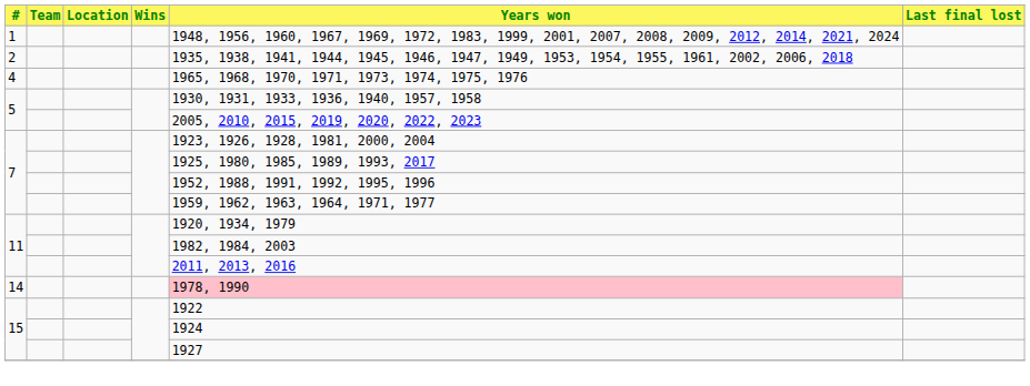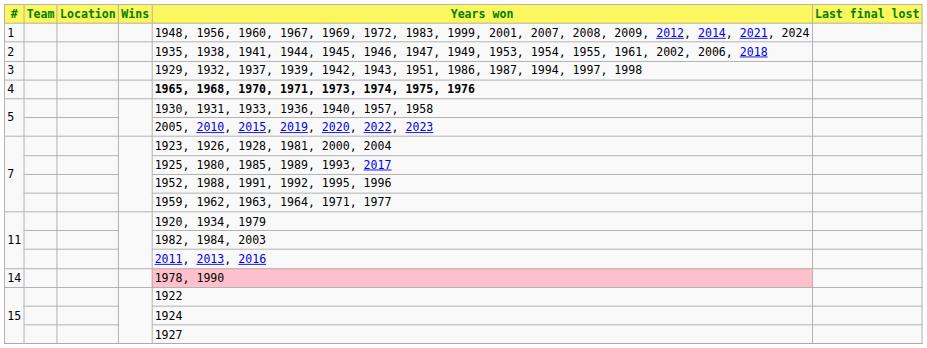 <table class="wikitable">
 <tr>
 <th style="background:#FCF75E;color:green;">#</th>
 <th style="background:#FCF75E;color:green;">Team</th>
 <th style="background:#FCF75E;color:green;">Location</th>
 <th style="background:#FCF75E;color:green;">Wins</th>
 <th style="background:#FCF75E;color:green;">Years won</th>
 <th style="background:#FCF75E;color:green;">Last final lost</th>
 </tr>
 <tr>
 <td>1</td>
 <td></td>
 <td></td>
 <td></td>
 <td>1948, 1956, 1960, 1967, 1969, 1972, 1983, 1999, 2001, 2007, 2008, 2009, <a href='#'>2012</a>, <a href='#'>2014</a>, <a href='#'>2021</a>, 2024</td>
 <td></td>
 </tr>
 <tr>
 <td>2</td>
 <td></td>
 <td></td>
 <td></td>
 <td>1935, 1938, 1941, 1944, 1945, 1946, 1947, 1949, 1953, 1954, 1955, 1961, 2002, 2006, <a href='#'>2018</a></td>
 <td></td>
 </tr>
 <tr>
+<td rowspan=1>3</td>
+<td></td>
+<td></td>
+<td rowspan=1></td>
+<td>1929, 1932, 1937, 1939, 1942, 1943, 1951, 1986, 1987, 1994, 1997, 1998</td>
+<td></td>
+</tr>
+<tr>
 <td>4</td>
 <td></td>
 <td></td>
 <td rowspan=1></td>
-<td>1965, 1968, 1970, 1971, 1973, 1974, 1975, 1976</td>
+<td><strong>1965, 1968, 1970, 1971, 1973, 1974, 1975, 1976</strong></td>
 <td></td>
 </tr>
 <tr>
 <td rowspan=2>5</td>
 <td></td>
 <td></td>
 <td rowspan=2></td>
 <td>1930, 1931, 1933, 1936, 1940, 1957, 1958</td>
 <td></td>
 </tr>
 <tr>
 <td></td>
 <td></td>
 <td>2005, <a href='#'>2010</a>, <a href='#'>2015</a>, <a href='#'>2019</a>, <a href='#'>2020</a>, <a href='#'>2022</a>, <a href='#'>2023</a></td>
 <td></td>
 </tr>
 <tr>
 <td rowspan=4>7</td>
 <td></td>
 <td></td>
 <td rowspan=4></td>
 <td>1923, 1926, 1928, 1981, 2000, 2004</td>
 <td></td>
 </tr>
 <tr>
 <td></td>
 <td></td>
 <td>1925, 1980, 1985, 1989, 1993, <a href='#'>2017</a></td>
 <td></td>
 </tr>
 <tr>
 <td></td>
 <td></td>
 <td>1952, 1988, 1991, 1992, 1995, 1996</td>
 <td></td>
 </tr>
 <tr>
 <td></td>
 <td></td>
 <td>1959, 1962, 1963, 1964, 1971, 1977</td>
 <td></td>
 </tr>
 <tr>
 <td rowspan=3>11</td>
 <td></td>
 <td></td>
 <td rowspan=3></td>
 <td>1920, 1934, 1979</td>
 <td></td>
 </tr>
 <tr>
 <td></td>
 <td></td>
 <td>1982, 1984, 2003</td>
 <td></td>
 </tr>
 <tr>
 <td></td>
 <td></td>
 <td><a href='#'>2011</a>, <a href='#'>2013</a>, <a href='#'>2016</a></td>
 <td></td>
 </tr>
 <tr>
 <td rowspan=1>14</td>
 <td></td>
 <td></td>
 <td rowspan=1></td>
 <td style="background: pink;">1978, 1990</td>
 <td></td>
 </tr>
 <tr>
 <td rowspan=3>15</td>
 <td></td>
 <td></td>
 <td rowspan=3></td>
 <td>1922</td>
 <td></td>
 </tr>
 <tr>
 <td></td>
 <td></td>
 <td>1924</td>
 <td></td>
 </tr>
 <tr>
 <td></td>
 <td></td>
 <td>1927</td>
 <td></td>
 </tr>
 <tr>
 </tr>
 </table>
